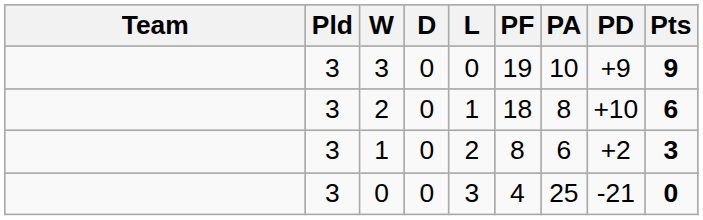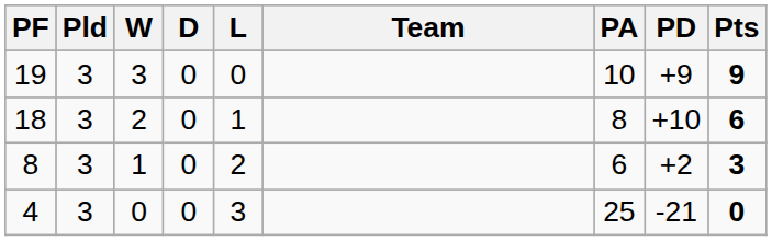 <table class="wikitable" style="text-align:center;">
 <tr>
-<th width=175>Team</th>
+<th width=20 abbr="Points for">PF</th>
 <th width=20 abbr="Played">Pld</th>
 <th width=20 abbr="Won">W</th>
 <th width=20 abbr="Drawn">D</th>
 <th width=20 abbr="Lost">L</th>
-<th width=20 abbr="Points for">PF</th>
+<th width=175>Team</th>
 <th width=20 abbr="Points against">PA</th>
 <th width=25 abbr="Points difference">PD</th>
 <th width=20 abbr="Points">Pts</th>
 </tr>
 <tr>
-<td align=left></td>
+<td>19</td>
 <td>3</td>
 <td>3</td>
 <td>0</td>
 <td>0</td>
-<td>19</td>
+<td align=left></td>
 <td>10</td>
 <td>+9</td>
 <td><strong>9</strong></td>
 </tr>
 <tr>
-<td align=left></td>
+<td>18</td>
 <td>3</td>
 <td>2</td>
 <td>0</td>
 <td>1</td>
-<td>18</td>
+<td align=left></td>
 <td>8</td>
 <td>+10</td>
 <td><strong>6</strong></td>
 </tr>
 <tr>
-<td align=left></td>
+<td>8</td>
 <td>3</td>
 <td>1</td>
 <td>0</td>
 <td>2</td>
-<td>8</td>
+<td align=left></td>
 <td>6</td>
 <td>+2</td>
 <td><strong>3</strong></td>
 </tr>
 <tr>
-<td align=left></td>
+<td>4</td>
 <td>3</td>
 <td>0</td>
 <td>0</td>
 <td>3</td>
-<td>4</td>
+<td align=left></td>
 <td>25</td>
 <td>-21</td>
 <td><strong>0</strong></td>
 </tr>
 </table>
